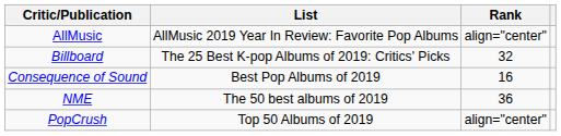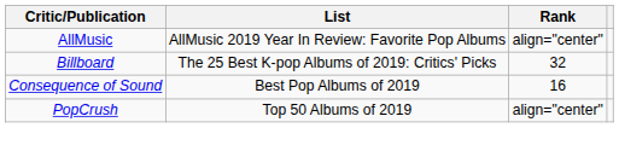 <table class="sortable wikitable">
 <tr>
 <th>Critic/Publication</th>
 <th>List</th>
 <th>Rank</th>
 <th class="unsortable"></th>
 </tr>
 <tr>
 <td align="center"><a href='#'>AllMusic</a></td>
 <td align="center">AllMusic 2019 Year In Review: Favorite Pop Albums</td>
 <td>align="center" </td>
 <td align="center"></td>
 </tr>
 <tr>
 <td align="center"><em><a href='#'>Billboard</a></em></td>
 <td align="center">The 25 Best K-pop Albums of 2019: Critics' Picks</td>
 <td align="center">32</td>
 <td align="center"></td>
 </tr>
 <tr>
 <td align="center"><em><a href='#'>Consequence of Sound</a></em></td>
 <td align="center">Best Pop Albums of 2019</td>
 <td align="center">16</td>
 <td align="center"></td>
 </tr>
 <tr>
-<td align="center"><em><a href='#'>NME</a></em></td>
-<td align="center">The 50 best albums of 2019</td>
-<td align="center">36</td>
-<td align="center"></td>
-</tr>
-<tr>
 <td align="center"><em><a href='#'>PopCrush</a></em></td>
 <td align="center">Top 50 Albums of 2019</td>
 <td>align="center" </td>
 <td align="center"></td>
 </tr>
 </table>
